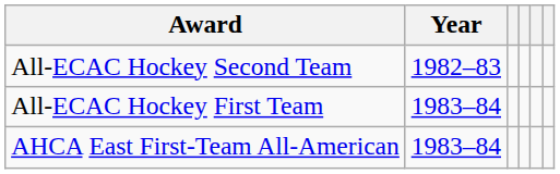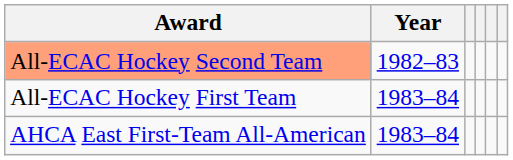 <table class="wikitable">
 <tr>
 <th>Award</th>
 <th>Year</th>
 <th></th>
 <th></th>
 <th></th>
 <th></th>
 </tr>
 <tr>
-<td>All-<a href='#'>ECAC Hockey</a> <a href='#'>Second Team</a></td>
+<td style="background: lightsalmon;">All-<a href='#'>ECAC Hockey</a> <a href='#'>Second Team</a></td>
 <td><a href='#'>1982–83</a></td>
 <td></td>
 <td></td>
 <td></td>
 <td></td>
 </tr>
 <tr>
 <td>All-<a href='#'>ECAC Hockey</a> <a href='#'>First Team</a></td>
 <td><a href='#'>1983–84</a></td>
 <td></td>
 <td></td>
 <td></td>
 <td></td>
 </tr>
 <tr>
 <td><a href='#'>AHCA</a> <a href='#'>East First-Team All-American</a></td>
 <td><a href='#'>1983–84</a></td>
 <td></td>
 <td></td>
 <td></td>
 <td></td>
 </tr>
 </table>
